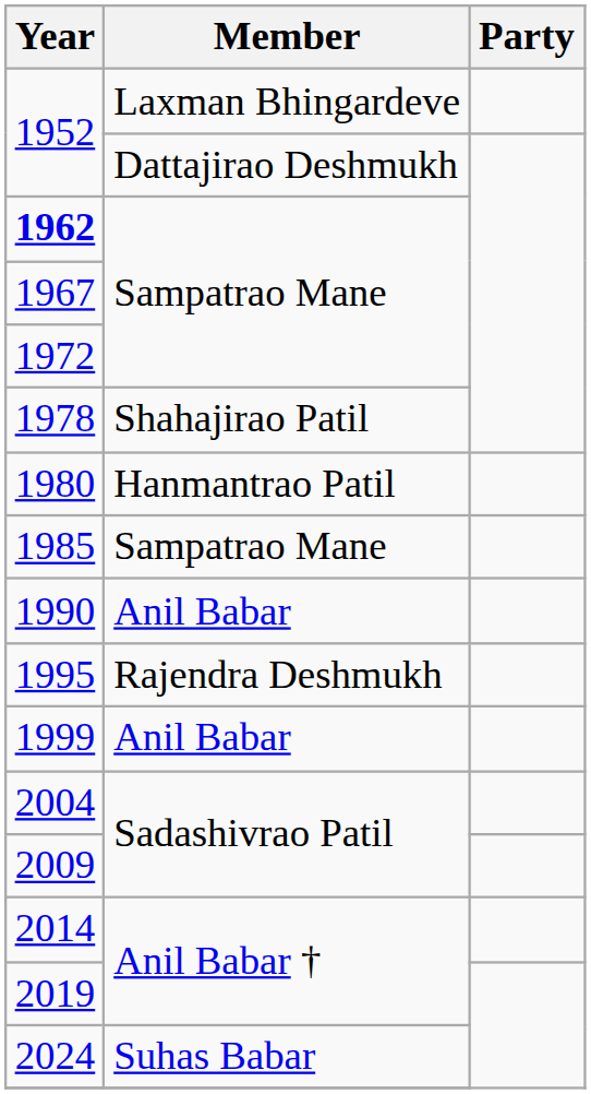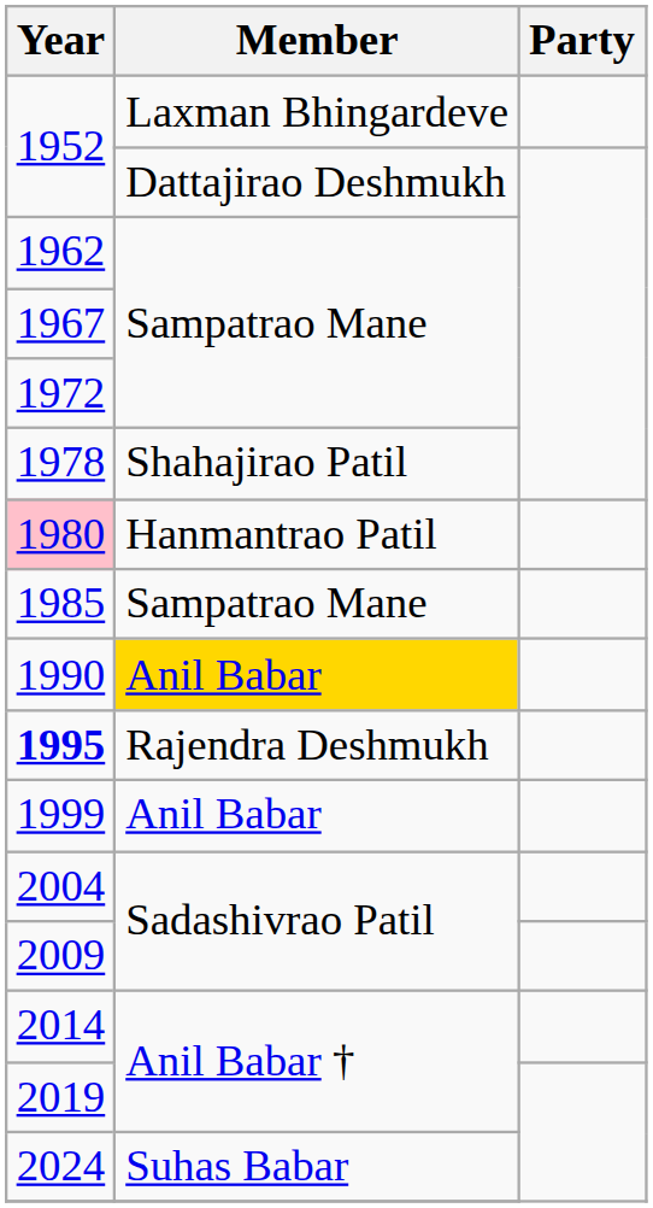 <table class="wikitable">
 <tr>
 <th>Year</th>
 <th>Member</th>
 <th colspan="2">Party</th>
 </tr>
 <tr>
 <td rowspan="2"><a href='#'>1952</a></td>
 <td>Laxman Bhingardeve</td>
 <td></td>
 </tr>
 <tr>
 <td>Dattajirao Deshmukh</td>
 </tr>
 <tr>
-<td><strong><a href='#'>1962</a></strong></td>
+<td><a href='#'>1962</a></td>
 <td rowspan="3">Sampatrao Mane</td>
 </tr>
 <tr>
 <td><a href='#'>1967</a></td>
 </tr>
 <tr>
 <td><a href='#'>1972</a></td>
 </tr>
 <tr>
 <td><a href='#'>1978</a></td>
 <td>Shahajirao Patil</td>
 </tr>
 <tr>
-<td><a href='#'>1980</a></td>
+<td style="background: pink;"><a href='#'>1980</a></td>
 <td>Hanmantrao Patil</td>
 <td></td>
 </tr>
 <tr>
 <td><a href='#'>1985</a></td>
 <td>Sampatrao Mane</td>
 <td></td>
 </tr>
 <tr>
 <td><a href='#'>1990</a></td>
-<td><a href='#'>Anil Babar</a></td>
+<td style="background: gold;"><a href='#'>Anil Babar</a></td>
 </tr>
 <tr>
-<td><a href='#'>1995</a></td>
+<td><strong><a href='#'>1995</a></strong></td>
 <td>Rajendra Deshmukh</td>
 <td></td>
 </tr>
 <tr>
 <td><a href='#'>1999</a></td>
 <td><a href='#'>Anil Babar</a></td>
 <td></td>
 </tr>
 <tr>
 <td><a href='#'>2004</a></td>
 <td rowspan=2>Sadashivrao Patil</td>
 <td></td>
 </tr>
 <tr>
 <td><a href='#'>2009</a></td>
 <td></td>
 </tr>
 <tr>
 <td><a href='#'>2014</a></td>
 <td rowspan=2><a href='#'>Anil Babar</a> †</td>
 <td></td>
 </tr>
 <tr>
 <td><a href='#'>2019</a></td>
 </tr>
 <tr>
 <td><a href='#'>2024</a></td>
 <td><a href='#'>Suhas Babar</a></td>
 </tr>
 <tr>
 </tr>
 </table>
